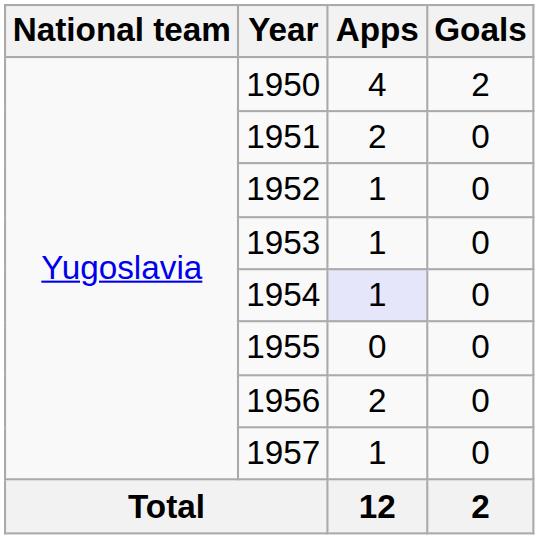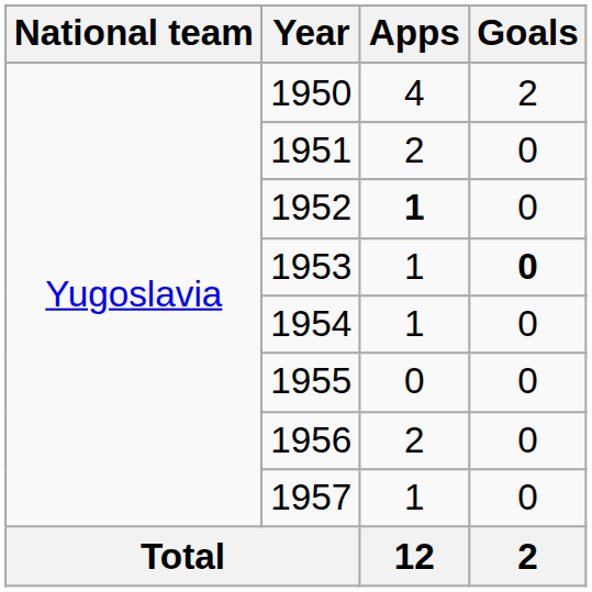 <table class="wikitable" style="text-align:center">
 <tr>
 <th>National team</th>
 <th>Year</th>
 <th>Apps</th>
 <th>Goals</th>
 </tr>
 <tr>
 <td rowspan="8"><a href='#'>Yugoslavia</a></td>
 <td>1950</td>
 <td>4</td>
 <td>2</td>
 </tr>
 <tr>
 <td>1951</td>
 <td>2</td>
 <td>0</td>
 </tr>
 <tr>
 <td>1952</td>
-<td>1</td>
+<td><strong>1</strong></td>
 <td>0</td>
 </tr>
 <tr>
 <td>1953</td>
 <td>1</td>
-<td>0</td>
+<td><strong>0</strong></td>
 </tr>
 <tr>
 <td>1954</td>
-<td style="background: lavender;">1</td>
+<td>1</td>
 <td>0</td>
 </tr>
 <tr>
 <td>1955</td>
 <td>0</td>
 <td>0</td>
 </tr>
 <tr>
 <td>1956</td>
 <td>2</td>
 <td>0</td>
 </tr>
 <tr>
 <td>1957</td>
 <td>1</td>
 <td>0</td>
 </tr>
 <tr>
 <th colspan="2">Total</th>
 <th>12</th>
 <th>2</th>
 </tr>
 </table>
